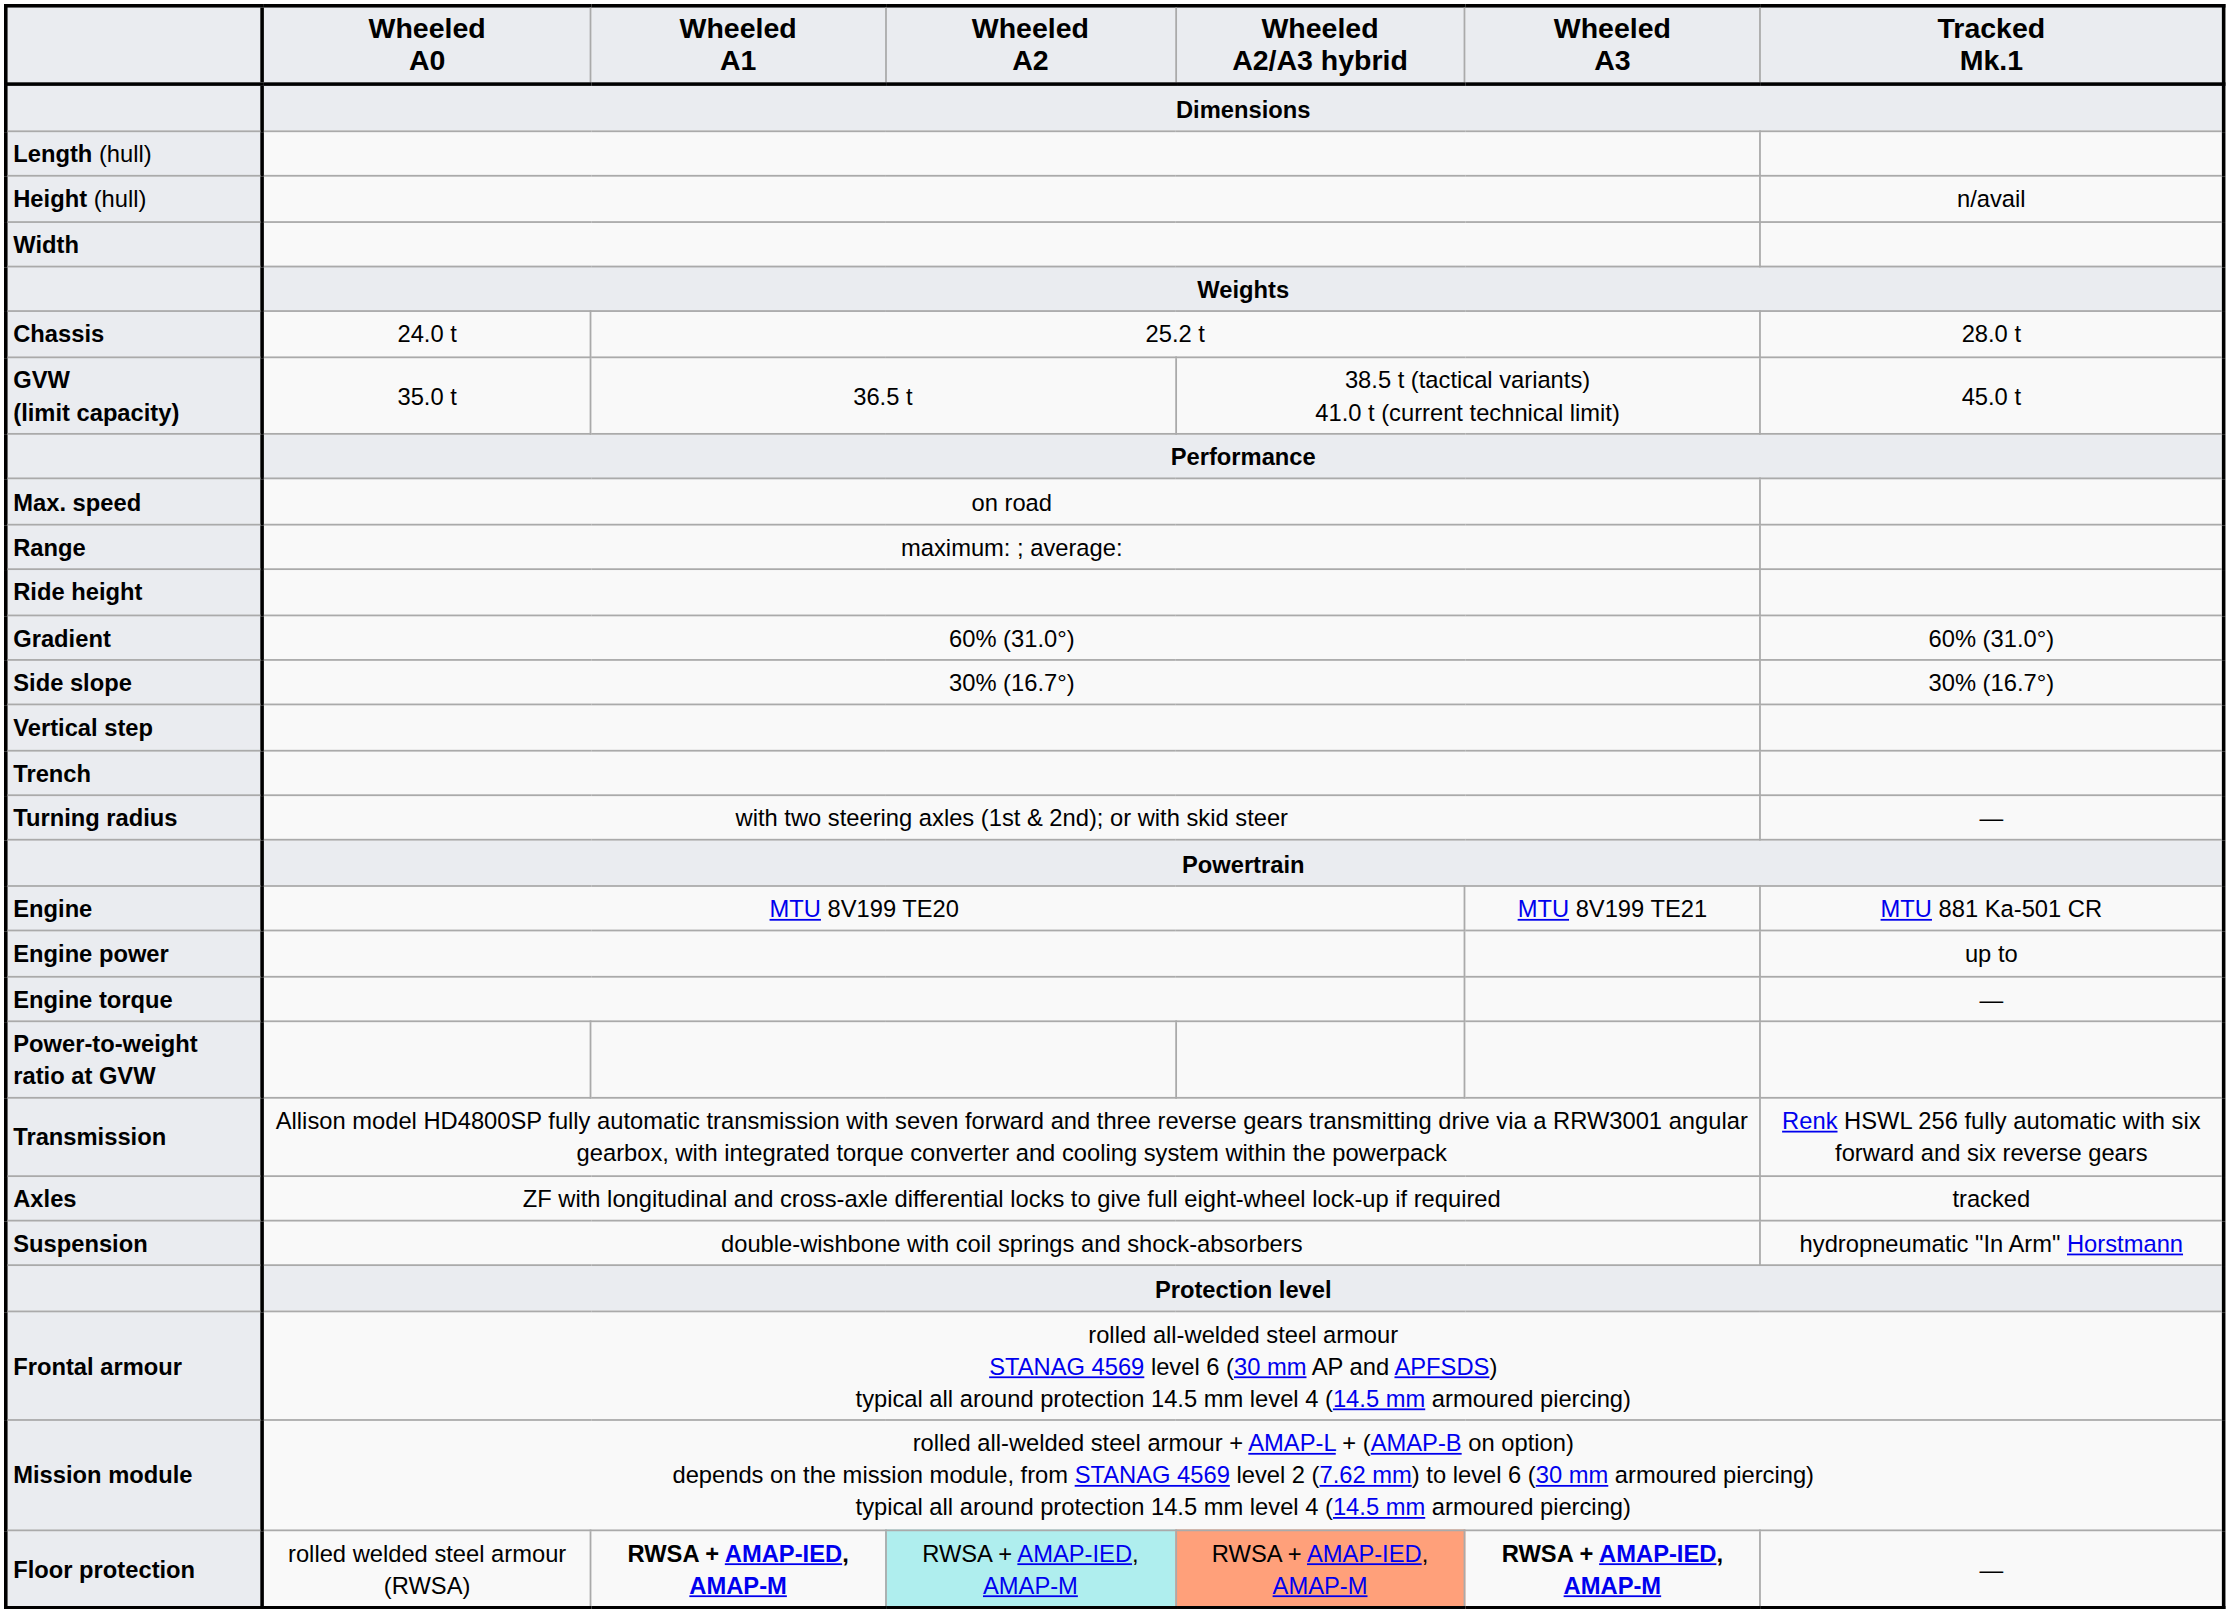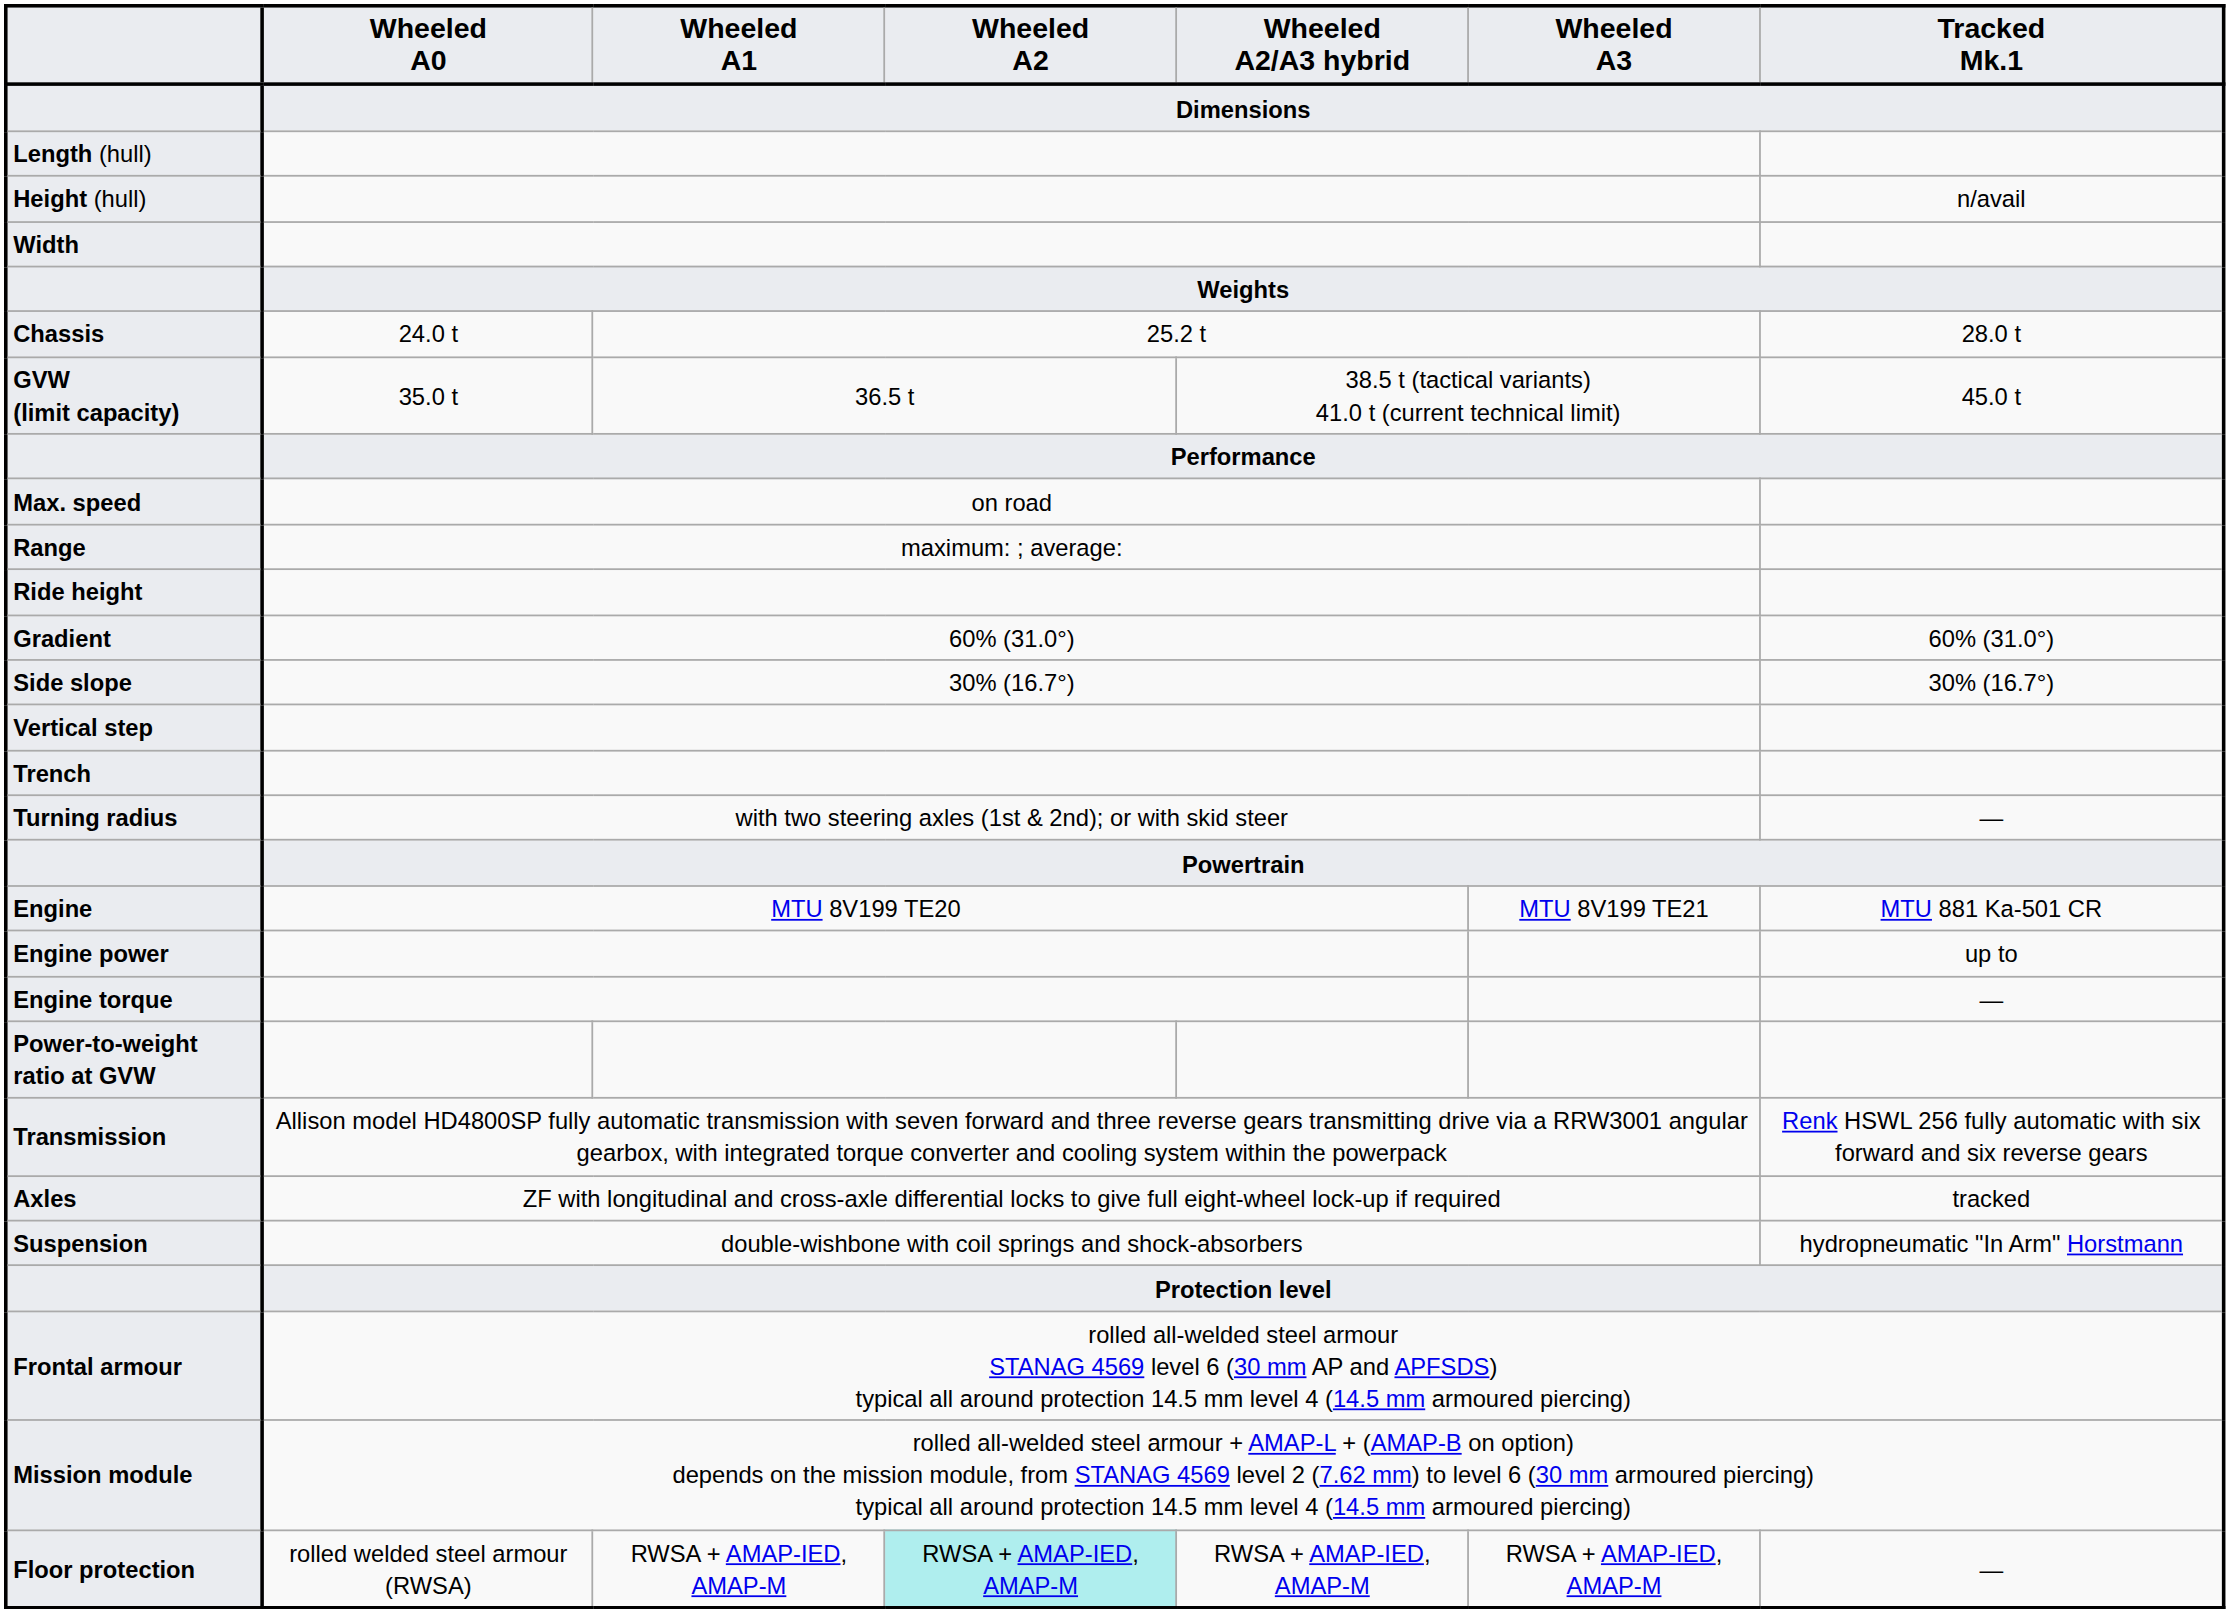 <table class="wikitable">
 <tr>
 <td style="background:#EAECF0;border-left:solid 2px black;border-top:solid 2px black;border-bottom:solid 2px black"></td>
 <td align="center" style="background:#EAECF0; border-left:solid 2px black;border-top:solid 2px black;border-bottom:solid 2px black"><strong>Wheeled</strong><br><strong>A0</strong><br></td>
 <td align="center" style="background:#EAECF0; border-top:solid 2px black;border-bottom:solid 2px black"><strong>Wheeled</strong><br><strong>A1</strong><br></td>
 <td align="center" style="background:#EAECF0; border-top:solid 2px black;border-bottom:solid 2px black"><strong>Wheeled</strong><br><strong>A2</strong><br></td>
 <td align="center" style="background:#EAECF0; border-top:solid 2px black;border-bottom:solid 2px black"><strong>Wheeled</strong><br><strong>A2/A3</strong> <strong>hybrid</strong><br></td>
 <td align="center" style="background:#EAECF0; border-top:solid 2px black;border-bottom:solid 2px black"><strong>Wheeled</strong><br><strong>A3</strong><br></td>
 <td align="center" style="background:#EAECF0; border-right:solid 2px black;border-top:solid 2px black;border-bottom:solid 2px black"><strong>Tracked</strong><br><strong>Mk.1</strong><br></td>
 </tr>
 <tr>
 <td style="background:#EAECF0;border-left:solid 2px black;border-right:solid 2px black"></td>
 <td colspan="6" align="center" style="background:#EAECF0;border-right:solid 2px black"><strong><small>Dimensions</small></strong></td>
 </tr>
 <tr>
 <td style="background:#EAECF0;border-left:solid 2px black;border-right:solid 2px black"><small><strong>Length</strong> (hull)</small></td>
 <td colspan="5" align="center"><small></small></td>
 <td align="center" style="border-right:solid 2px black"><small></small></td>
 </tr>
 <tr>
 <td style="background:#EAECF0;border-left:solid 2px black;border-right:solid 2px black"><small><strong>Height</strong> (hull)</small></td>
 <td colspan="5" align="center"><small></small></td>
 <td align="center" style="border-right:solid 2px black"><small>n/avail</small></td>
 </tr>
 <tr>
 <td style="background:#EAECF0;border-left:solid 2px black;border-right:solid 2px black"><strong><small>Width</small></strong></td>
 <td colspan="5" align="center"><small></small></td>
 <td align="center" style="border-right:solid 2px black"><small></small></td>
 </tr>
 <tr>
 <td style="background:#EAECF0;border-left:solid 2px black;border-right:solid 2px black"></td>
 <td colspan="6" align="center" style="background:#EAECF0;border-right:solid 2px black"><strong><small>Weights</small></strong></td>
 </tr>
 <tr>
 <td style="background:#EAECF0;border-left:solid 2px black;border-right:solid 2px black"><strong><small>Chassis</small></strong></td>
 <td align="center"><small>24.0 t</small></td>
 <td colspan="4" align="center"><small>25.2 t</small></td>
 <td align="center" style="border-right:solid 2px black"><small>28.0 t</small></td>
 </tr>
 <tr>
 <td style="background:#EAECF0;border-left:solid 2px black;border-right:solid 2px black"><small><strong>GVW</strong> <br><strong>(limit capacity)</strong></small></td>
 <td align="center"><small>35.0 t</small></td>
 <td colspan="2" align="center"><small>36.5 t</small></td>
 <td colspan="2" align="center"><small>38.5 t  (tactical variants) <br>41.0 t (current technical limit)</small></td>
 <td align="center" style="border-right:solid 2px black"><small>45.0 t</small></td>
 </tr>
 <tr>
 <td style="background:#EAECF0;border-left:solid 2px black;border-right:solid 2px black"></td>
 <td colspan="6" align="center" style="background:#EAECF0;border-right:solid 2px black"><strong><small>Performance </small></strong></td>
 </tr>
 <tr>
 <td style="background:#EAECF0;border-left:solid 2px black;border-right:solid 2px black"><strong><small>Max. speed</small></strong></td>
 <td colspan="5" align="center"><small> on road</small></td>
 <td align="center" style="border-right:solid 2px black"><small></small></td>
 </tr>
 <tr>
 <td style="background:#EAECF0;border-left:solid 2px black;border-right:solid 2px black"><strong><small>Range</small></strong></td>
 <td colspan="5" align="center"><small>maximum: ; average: </small></td>
 <td align="center" style="border-right:solid 2px black"><small></small></td>
 </tr>
 <tr>
 <td style="background:#EAECF0;border-left:solid 2px black;border-right:solid 2px black"><strong><small>Ride height</small></strong></td>
 <td colspan="5" align="center"><small></small></td>
 <td align="center" style="border-right:solid 2px black"><small></small></td>
 </tr>
 <tr>
 <td style="background:#EAECF0;border-left:solid 2px black;border-right:solid 2px black"><strong><small>Gradient</small></strong></td>
 <td colspan="5" align="center"><small>60% (31.0°)</small></td>
 <td align="center" style="border-right:solid 2px black"><small>60% (31.0°)</small></td>
 </tr>
 <tr>
 <td style="background:#EAECF0;border-left:solid 2px black;border-right:solid 2px black"><strong><small>Side slope</small></strong></td>
 <td colspan="5" align="center"><small>30% (16.7°)</small></td>
 <td align="center" style="border-right:solid 2px black"><small>30% (16.7°)</small></td>
 </tr>
 <tr>
 <td style="background:#EAECF0;border-left:solid 2px black;border-right:solid 2px black"><strong><small>Vertical step</small></strong></td>
 <td colspan="5" align="center"><small></small></td>
 <td align="center" style="border-right:solid 2px black"><small></small></td>
 </tr>
 <tr>
 <td style="background:#EAECF0;border-left:solid 2px black;border-right:solid 2px black"><strong><small>Trench</small></strong></td>
 <td colspan="5" align="center"><small></small></td>
 <td align="center" style="border-right:solid 2px black"><small></small></td>
 </tr>
 <tr>
 <td style="background:#EAECF0;border-left:solid 2px black;border-right:solid 2px black"><strong><small>Turning radius</small></strong></td>
 <td colspan="5" align="center"><small> with two steering axles (1st & 2nd); or  with skid steer </small></td>
 <td align="center" style="border-right:solid 2px black"><small>—</small></td>
 </tr>
 <tr>
 <td style="background:#EAECF0;border-left:solid 2px black;border-right:solid 2px black"></td>
 <td colspan="6" align="center" style="background:#EAECF0;border-right:solid 2px black"><strong><small>Powertrain</small></strong></td>
 </tr>
 <tr>
 <td style="background:#EAECF0;border-left:solid 2px black;border-right:solid 2px black"><strong><small>Engine</small></strong></td>
 <td colspan="4" align="center"><small><a href='#'>MTU</a> 8V199 TE20 </small></td>
 <td align="center"><small><a href='#'>MTU</a> 8V199 TE21</small></td>
 <td align="center" style="border-right:solid 2px black"><small><a href='#'>MTU</a> 881 Ka-501 CR </small></td>
 </tr>
 <tr>
 <td style="background:#EAECF0;border-left:solid 2px black;border-right:solid 2px black"><strong><small>Engine power</small></strong></td>
 <td colspan="4" align="center"><small></small></td>
 <td align="center"><small></small></td>
 <td align="center" style="border-right:solid 2px black"><small>up to </small></td>
 </tr>
 <tr>
 <td style="background:#EAECF0;border-left:solid 2px black;border-right:solid 2px black"><strong><small>Engine torque</small></strong></td>
 <td colspan="4" align="center"><small></small></td>
 <td align="center"><small></small></td>
 <td align="center" style="border-right:solid 2px black"><small>—</small></td>
 </tr>
 <tr>
 <td style="background:#EAECF0;border-left:solid 2px black;border-right:solid 2px black"><strong><small>Power-to-weight ratio at GVW</small></strong></td>
 <td align="center"><small></small></td>
 <td colspan="2" align="center"><small></small></td>
 <td align="center"><small></small></td>
 <td align="center"><small></small></td>
 <td align="center" style="border-right:solid 2px black"><small></small></td>
 </tr>
 <tr>
 <td style="background:#EAECF0;border-left:solid 2px black;border-right:solid 2px black"><strong><small>Transmission</small></strong></td>
 <td colspan="5" align="center"><small>Allison model HD4800SP fully automatic transmission with seven forward and three reverse gears transmitting drive via a RRW3001 angular gearbox, with integrated torque converter and cooling system within the powerpack</small></td>
 <td align="center" style="border-right:solid 2px black"><small><a href='#'>Renk</a> HSWL 256 fully automatic with six forward and six reverse gears</small></td>
 </tr>
 <tr>
 <td style="background:#EAECF0;border-left:solid 2px black;border-right:solid 2px black"><strong><small>Axles</small></strong></td>
 <td colspan="5" align="center"><small>ZF with longitudinal and cross-axle differential locks to give full eight-wheel lock-up if required</small></td>
 <td align="center" style="border-right:solid 2px black"><small>tracked</small></td>
 </tr>
 <tr>
 <td style="background:#EAECF0;border-left:solid 2px black;border-right:solid 2px black"><strong><small>Suspension</small></strong></td>
 <td colspan="5" align="center"><small>double-wishbone with coil springs and shock-absorbers</small></td>
 <td align="center" style="border-right:solid 2px black"><small>hydropneumatic "In Arm" <a href='#'>Horstmann</a></small></td>
 </tr>
 <tr>
 <td style="background:#EAECF0;border-left:solid 2px black;border-right:solid 2px black"></td>
 <td colspan="6" align="center" style="background:#EAECF0;border-right:solid 2px black"><strong><small>Protection level</small></strong></td>
 </tr>
 <tr>
 <td style="background:#EAECF0;border-left:solid 2px black;border-right:solid 2px black"><strong><small>Frontal armour</small></strong></td>
 <td colspan="6" align="center" style="border-right:solid 2px black"><small>rolled all-welded steel armour <br><a href='#'>STANAG 4569</a> level 6 (<a href='#'>30 mm</a> AP and <a href='#'>APFSDS</a>)  <br>typical all around protection 14.5 mm level 4 (<a href='#'>14.5 mm</a> armoured piercing)</small></td>
 </tr>
 <tr>
 <td style="background:#EAECF0;border-left:solid 2px black;border-right:solid 2px black"><strong><small>Mission module</small></strong></td>
 <td colspan="6" align="center" style="border-right:solid 2px black"><small>rolled all-welded steel armour + <a href='#'>AMAP-L</a> + (<a href='#'>AMAP-B</a> on option) <br>depends on the mission module, from <a href='#'>STANAG 4569</a> level 2 (<a href='#'>7.62 mm</a>) to level 6 (<a href='#'>30 mm</a> armoured piercing)  <br>typical all around protection 14.5 mm level 4 (<a href='#'>14.5 mm</a> armoured piercing)</small></td>
 </tr>
 <tr>
 <td style="background:#EAECF0;border-left:solid 2px black;border-right:solid 2px black;border-bottom:solid 2px black"><strong><small>Floor protection</small></strong></td>
 <td align="center" style="border-bottom:solid 2px black"><small>rolled welded steel armour (RWSA)</small></td>
-<td align="center" style="border-bottom:solid 2px black"><strong><small>RWSA + <a href='#'>AMAP-IED</a>, <a href='#'>AMAP-M</a></small></strong></td>
+<td align="center" style="border-bottom:solid 2px black"><small>RWSA + <a href='#'>AMAP-IED</a>, <a href='#'>AMAP-M</a></small></td>
 <td align="center" style="background: paleturquoise; border-bottom:solid 2px black"><small>RWSA + <a href='#'>AMAP-IED</a>, <a href='#'>AMAP-M</a></small></td>
-<td align="center" style="background: lightsalmon; border-bottom:solid 2px black"><small>RWSA + <a href='#'>AMAP-IED</a>, <a href='#'>AMAP-M</a></small></td>
-<td align="center" style="border-bottom:solid 2px black"><strong><small>RWSA + <a href='#'>AMAP-IED</a>, <a href='#'>AMAP-M</a></small></strong></td>
+<td align="center" style="border-bottom:solid 2px black"><small>RWSA + <a href='#'>AMAP-IED</a>, <a href='#'>AMAP-M</a></small></td>
+<td align="center" style="border-bottom:solid 2px black"><small>RWSA + <a href='#'>AMAP-IED</a>, <a href='#'>AMAP-M</a></small></td>
 <td align="center" style="border-right:solid 2px black;border-bottom:solid 2px black"><small>—</small></td>
 </tr>
 </table>
